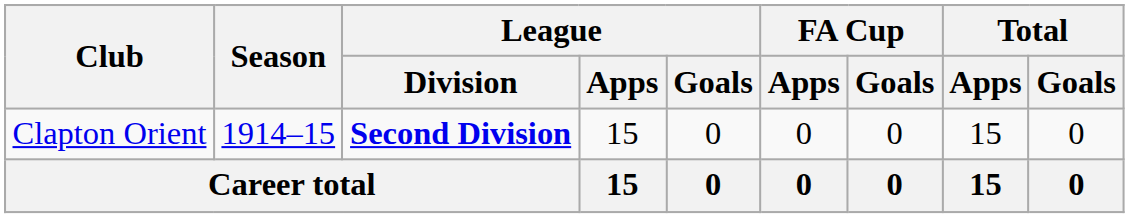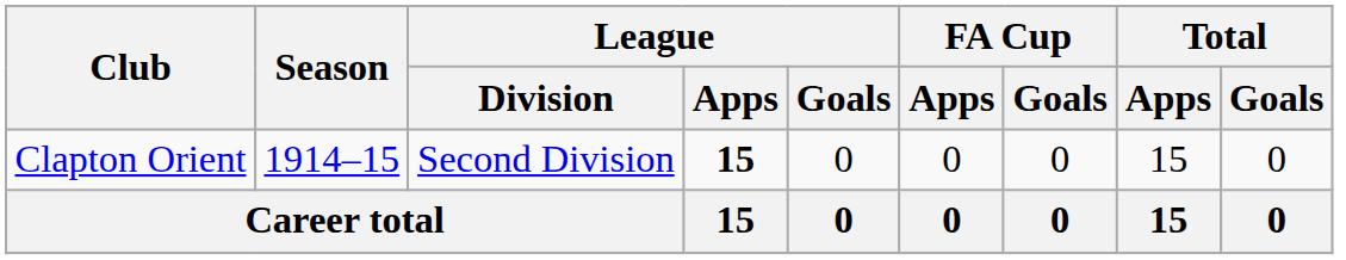 <table class="wikitable" style="text-align: center;">
 <tr>
 <th rowspan="2">Club</th>
 <th rowspan="2">Season</th>
 <th colspan="3">League</th>
 <th colspan="2">FA Cup</th>
 <th colspan="2">Total</th>
 </tr>
 <tr>
 <th>Division</th>
 <th>Apps</th>
 <th>Goals</th>
 <th>Apps</th>
 <th>Goals</th>
 <th>Apps</th>
 <th>Goals</th>
 </tr>
 <tr>
 <td><a href='#'>Clapton Orient</a></td>
 <td><a href='#'>1914–15</a></td>
-<td><strong><a href='#'>Second Division</a></strong></td>
-<td>15</td>
+<td><a href='#'>Second Division</a></td>
+<td><strong>15</strong></td>
 <td>0</td>
 <td>0</td>
 <td>0</td>
 <td>15</td>
 <td>0</td>
 </tr>
 <tr>
 <th colspan="3">Career total</th>
 <th>15</th>
 <th>0</th>
 <th>0</th>
 <th>0</th>
 <th>15</th>
 <th>0</th>
 </tr>
 </table>
